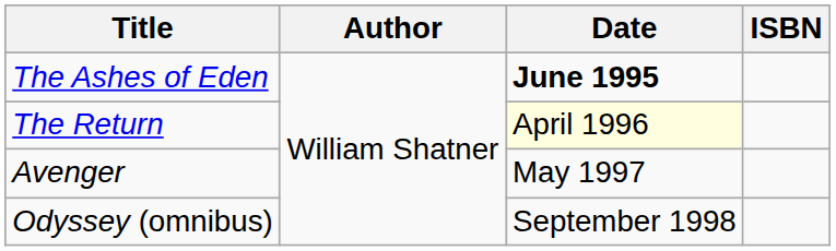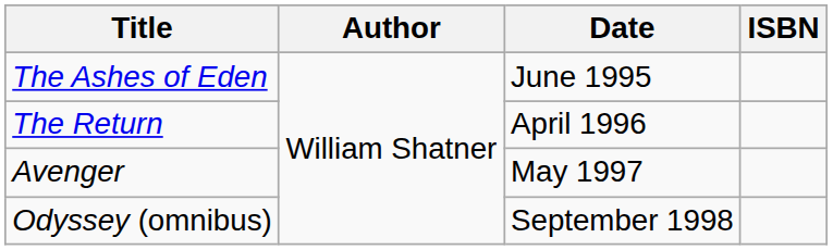 <table class="wikitable">
 <tr>
 <th>Title</th>
 <th>Author</th>
 <th>Date</th>
 <th>ISBN</th>
 </tr>
 <tr>
 <td><em><a href='#'>The Ashes of Eden</a></em></td>
 <td rowspan="4">William Shatner</td>
-<td><strong>June 1995</strong></td>
+<td>June 1995</td>
 <td></td>
 </tr>
 <tr>
 <td><em><a href='#'>The Return</a></em></td>
-<td style="background: lightyellow;">April 1996</td>
+<td>April 1996</td>
 <td></td>
 </tr>
 <tr>
 <td><em>Avenger</em></td>
 <td>May 1997</td>
 <td></td>
 </tr>
 <tr>
 <td><em>Odyssey</em> (omnibus)</td>
 <td>September 1998</td>
 <td></td>
 </tr>
 </table>
